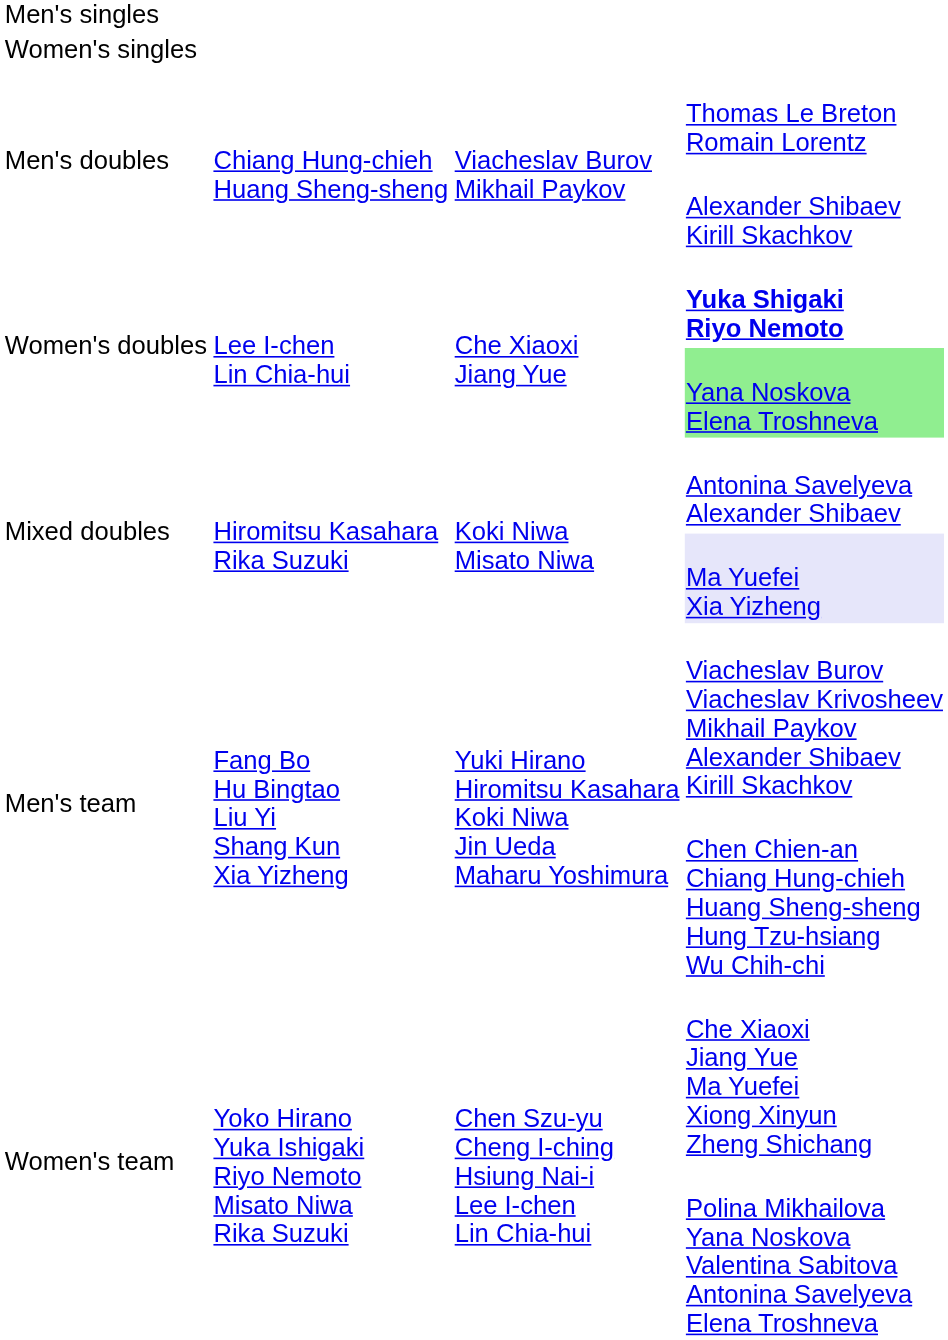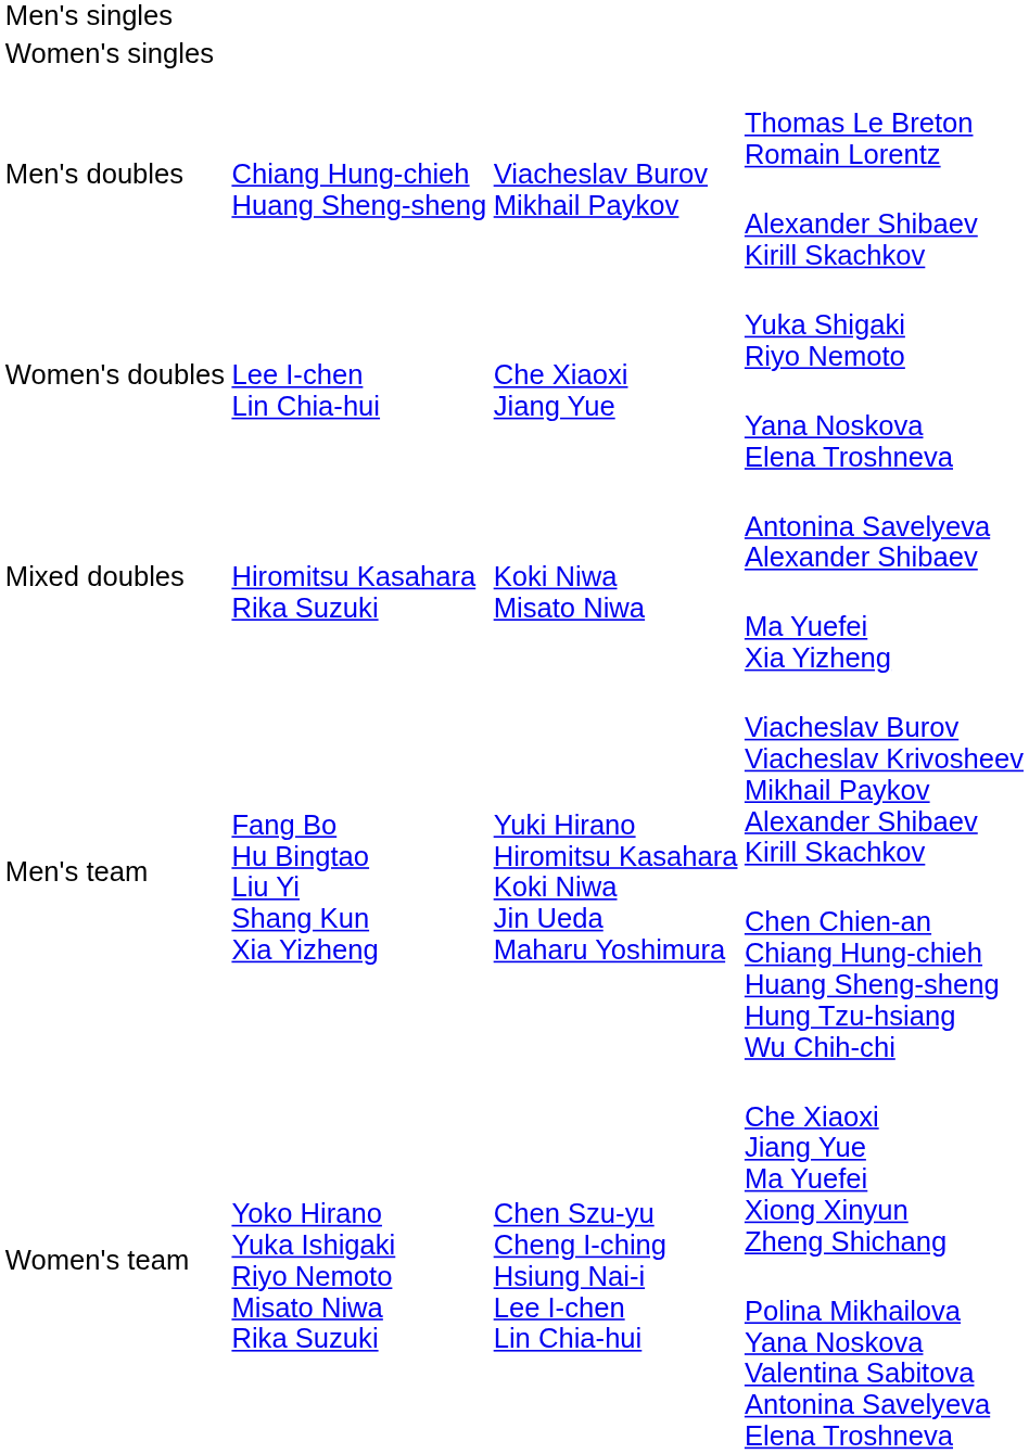 <table>
 <tr>
 <td rowspan=2>Men's singles<br></td>
 <td rowspan=2></td>
 <td rowspan=2></td>
 <td></td>
 </tr>
 <tr>
 <td></td>
 </tr>
 <tr>
 <td rowspan=2>Women's singles<br></td>
 <td rowspan=2></td>
 <td rowspan=2></td>
 <td></td>
 </tr>
 <tr>
 <td></td>
 </tr>
 <tr>
 <td rowspan=2>Men's doubles<br></td>
 <td rowspan=2><br><a href='#'>Chiang Hung-chieh</a><br><a href='#'>Huang Sheng-sheng</a></td>
 <td rowspan=2><br><a href='#'>Viacheslav Burov</a><br><a href='#'>Mikhail Paykov</a></td>
 <td><br><a href='#'>Thomas Le Breton</a><br><a href='#'>Romain Lorentz</a></td>
 </tr>
 <tr>
 <td><br><a href='#'>Alexander Shibaev</a><br><a href='#'>Kirill Skachkov</a></td>
 </tr>
 <tr>
 <td rowspan=2>Women's doubles<br></td>
 <td rowspan=2><br><a href='#'>Lee I-chen</a><br><a href='#'>Lin Chia-hui</a></td>
 <td rowspan=2><br><a href='#'>Che Xiaoxi</a><br><a href='#'>Jiang Yue</a></td>
-<td><strong><br><a href='#'>Yuka Shigaki</a><br><a href='#'>Riyo Nemoto</a></strong></td>
+<td><br><a href='#'>Yuka Shigaki</a><br><a href='#'>Riyo Nemoto</a></td>
 </tr>
 <tr>
-<td style="background: lightgreen;"><br><a href='#'>Yana Noskova</a><br><a href='#'>Elena Troshneva</a></td>
+<td><br><a href='#'>Yana Noskova</a><br><a href='#'>Elena Troshneva</a></td>
 </tr>
 <tr>
 <td rowspan=2>Mixed doubles<br></td>
 <td rowspan=2><br><a href='#'>Hiromitsu Kasahara</a><br><a href='#'>Rika Suzuki</a></td>
 <td rowspan=2><br><a href='#'>Koki Niwa</a><br><a href='#'>Misato Niwa</a></td>
 <td><br><a href='#'>Antonina Savelyeva</a><br><a href='#'>Alexander Shibaev</a></td>
 </tr>
 <tr>
-<td style="background: lavender;"><br><a href='#'>Ma Yuefei</a><br><a href='#'>Xia Yizheng</a></td>
+<td><br><a href='#'>Ma Yuefei</a><br><a href='#'>Xia Yizheng</a></td>
 </tr>
 <tr>
 <td rowspan=2>Men's team<br></td>
 <td rowspan=2><br><a href='#'>Fang Bo</a><br><a href='#'>Hu Bingtao</a><br><a href='#'>Liu Yi</a><br><a href='#'>Shang Kun</a><br><a href='#'>Xia Yizheng</a></td>
 <td rowspan=2><br><a href='#'>Yuki Hirano</a><br><a href='#'>Hiromitsu Kasahara</a><br><a href='#'>Koki Niwa</a><br><a href='#'>Jin Ueda</a><br><a href='#'>Maharu Yoshimura</a></td>
 <td><br><a href='#'>Viacheslav Burov</a><br><a href='#'>Viacheslav Krivosheev</a><br><a href='#'>Mikhail Paykov</a><br><a href='#'>Alexander Shibaev</a><br><a href='#'>Kirill Skachkov</a></td>
 </tr>
 <tr>
 <td><br><a href='#'>Chen Chien-an</a><br><a href='#'>Chiang Hung-chieh</a><br><a href='#'>Huang Sheng-sheng</a><br><a href='#'>Hung Tzu-hsiang</a><br><a href='#'>Wu Chih-chi</a></td>
 </tr>
 <tr>
 <td rowspan=2>Women's team<br></td>
 <td rowspan=2><br><a href='#'>Yoko Hirano</a><br><a href='#'>Yuka Ishigaki</a><br><a href='#'>Riyo Nemoto</a><br><a href='#'>Misato Niwa</a><br><a href='#'>Rika Suzuki</a></td>
 <td rowspan=2><br><a href='#'>Chen Szu-yu</a><br><a href='#'>Cheng I-ching</a><br><a href='#'>Hsiung Nai-i</a><br><a href='#'>Lee I-chen</a><br><a href='#'>Lin Chia-hui</a></td>
 <td><br><a href='#'>Che Xiaoxi</a><br><a href='#'>Jiang Yue</a><br><a href='#'>Ma Yuefei</a><br><a href='#'>Xiong Xinyun</a><br><a href='#'>Zheng Shichang</a></td>
 </tr>
 <tr>
 <td><br><a href='#'>Polina Mikhailova</a><br><a href='#'>Yana Noskova</a><br><a href='#'>Valentina Sabitova</a><br><a href='#'>Antonina Savelyeva</a><br><a href='#'>Elena Troshneva</a></td>
 </tr>
 </table>
